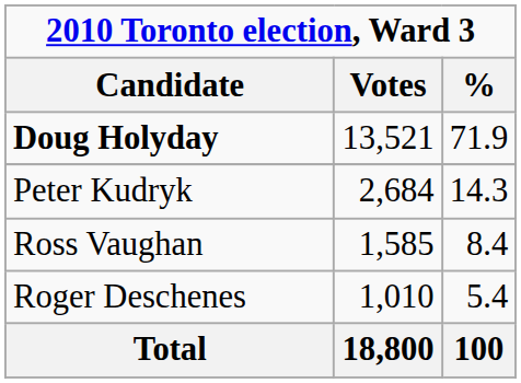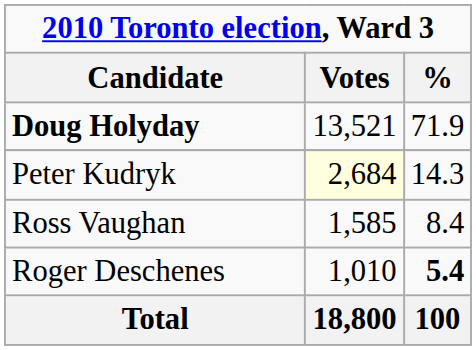 <table class="wikitable">
 <tr>
 <td Colspan="3" align="center"><strong><a href='#'>2010 Toronto election</a>, Ward 3</strong></td>
 </tr>
 <tr>
 <th width="150" bgcolor="#ddddff">Candidate</th>
 <th bgcolor="#ddddff">Votes</th>
 <th bgcolor="#ddddff">%</th>
 </tr>
 <tr>
 <td><strong>Doug Holyday</strong></td>
 <td align=right>13,521</td>
 <td align=right>71.9</td>
 </tr>
 <tr>
 </tr>
 <tr>
 <td>Peter Kudryk</td>
-<td align=right>2,684</td>
+<td align=right style="background: lightyellow;">2,684</td>
 <td align=right>14.3</td>
 </tr>
 <tr>
 <td>Ross Vaughan</td>
 <td align=right>1,585</td>
 <td align=right>8.4</td>
 </tr>
 <tr>
 <td>Roger Deschenes</td>
 <td align=right>1,010</td>
-<td align=right>5.4</td>
+<td align=right><strong>5.4</strong></td>
 </tr>
 <tr>
 <th>Total</th>
 <th align=right>18,800</th>
 <th align=right>100</th>
 </tr>
 </table>
